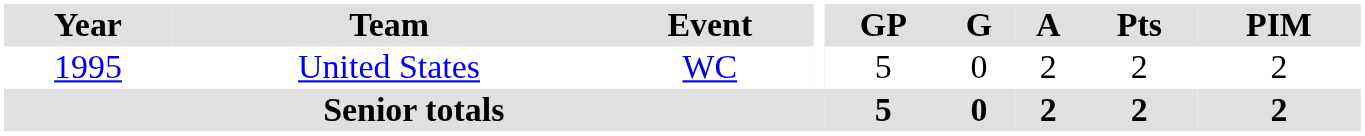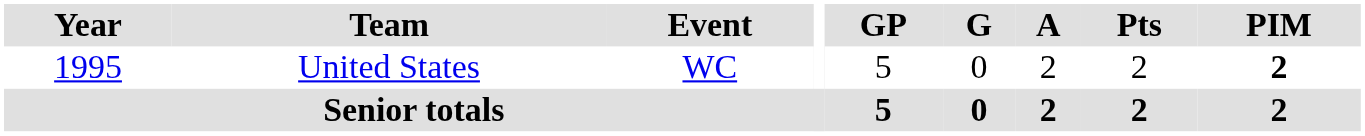 <table border="0" cellpadding="1" cellspacing="0" ID="Table3" style="text-align:center; width:40em">
 <tr bgcolor="#e0e0e0">
 <th>Year</th>
 <th>Team</th>
 <th>Event</th>
 <th rowspan="102" bgcolor="#ffffff"></th>
 <th>GP</th>
 <th>G</th>
 <th>A</th>
 <th>Pts</th>
 <th>PIM</th>
 </tr>
 <tr>
 <td><a href='#'>1995</a></td>
 <td><a href='#'>United States</a></td>
 <td><a href='#'>WC</a></td>
 <td>5</td>
 <td>0</td>
 <td>2</td>
 <td>2</td>
-<td>2</td>
+<td><strong>2</strong></td>
 </tr>
 <tr bgcolor="#e0e0e0">
 <th colspan="4">Senior totals</th>
 <th>5</th>
 <th>0</th>
 <th>2</th>
 <th>2</th>
 <th>2</th>
 </tr>
 </table>
